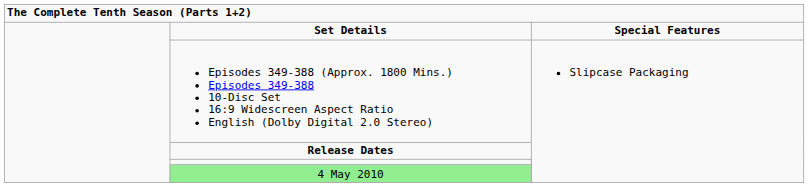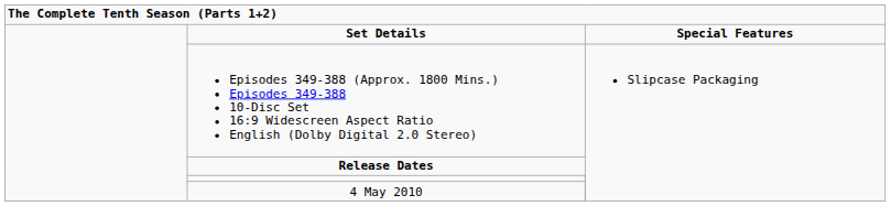 <table class="wikitable" style="font-size: 95%;">
 <tr>
 <td colspan="5"><strong>The Complete Tenth Season (Parts 1+2)</strong></td>
 </tr>
 <tr>
 <td rowspan="5" align="center" width="180"></td>
 <td align="center" width="350" colspan="3"><strong>Set Details</strong></td>
 <td width="250" align="center"><strong>Special Features</strong></td>
 </tr>
 <tr valign="top">
 <td colspan="3" align="left" width="400"><br><ul><li>Episodes 349-388 (Approx. 1800 Mins.)</li><li><a href='#'>Episodes 349-388</a></li><li>10-Disc Set</li><li>16:9 Widescreen Aspect Ratio</li><li>English (Dolby Digital 2.0 Stereo)</li></ul></td>
 <td rowspan="4" align="left" width="300"><br><ul><li>Slipcase Packaging</li></ul></td>
 </tr>
 <tr>
 <td colspan="3" align="center"><strong>Release Dates</strong></td>
 </tr>
 <tr>
 <td align="center"></td>
 </tr>
 <tr>
-<td align="center" style="background: lightgreen;">4 May 2010</td>
+<td align="center">4 May 2010</td>
 </tr>
 </table>
